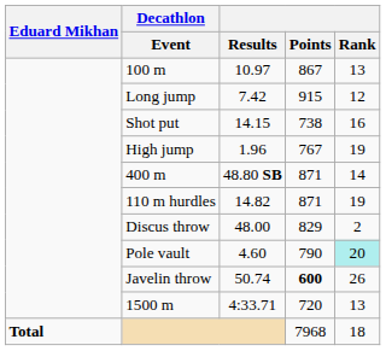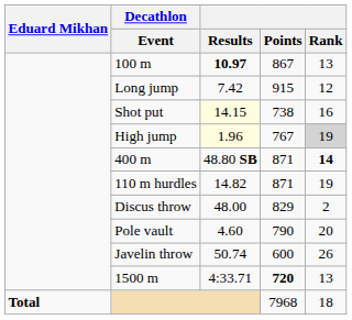 <table class=wikitable style="font-size:90%;">
 <tr>
 <th rowspan="2"><strong><a href='#'>Eduard Mikhan</a></strong></th>
 <th><a href='#'>Decathlon</a></th>
 <th colspan="3"></th>
 </tr>
 <tr>
 <th>Event</th>
 <th>Results</th>
 <th>Points</th>
 <th>Rank</th>
 </tr>
 <tr style="border-top: single;">
 <td rowspan="10"></td>
 <td>100 m</td>
-<td align=center>10.97</td>
+<td align=center><strong>10.97</strong></td>
 <td align=center>867</td>
 <td align=center>13</td>
 </tr>
 <tr>
 <td>Long jump</td>
 <td align=center>7.42</td>
 <td align=center>915</td>
 <td align=center>12</td>
 </tr>
 <tr>
 <td>Shot put</td>
-<td align=center>14.15</td>
+<td align=center style="background: lightyellow;">14.15</td>
 <td align=center>738</td>
 <td align=center>16</td>
 </tr>
 <tr>
 <td>High jump</td>
-<td align=center>1.96</td>
+<td align=center style="background: lightyellow;">1.96</td>
 <td align=center>767</td>
-<td align=center>19</td>
+<td align=center style="background: lightgrey;">19</td>
 </tr>
 <tr>
 <td>400 m</td>
 <td align=center>48.80 <strong>SB</strong></td>
 <td align=center>871</td>
-<td align=center>14</td>
+<td align=center><strong>14</strong></td>
 </tr>
 <tr>
 <td>110 m hurdles</td>
 <td align=center>14.82</td>
 <td align=center>871</td>
 <td align=center>19</td>
 </tr>
 <tr>
 <td>Discus throw</td>
 <td align=center>48.00</td>
 <td align=center>829</td>
 <td align=center>2</td>
 </tr>
 <tr>
 <td>Pole vault</td>
 <td align=center>4.60</td>
 <td align=center>790</td>
-<td align=center style="background: paleturquoise;">20</td>
+<td align=center>20</td>
 </tr>
 <tr>
 <td>Javelin throw</td>
 <td align=center>50.74</td>
-<td align=center><strong>600</strong></td>
+<td align=center>600</td>
 <td align=center>26</td>
 </tr>
 <tr>
 <td>1500 m</td>
 <td align=center>4:33.71</td>
-<td align=center>720</td>
+<td align=center><strong>720</strong></td>
 <td align=center>13</td>
 </tr>
 <tr style="border-top: single;">
 <td><strong>Total</strong></td>
 <td colspan="2" style="background:wheat;"></td>
 <td align=center>7968</td>
 <td align=center>18</td>
 </tr>
 </table>
